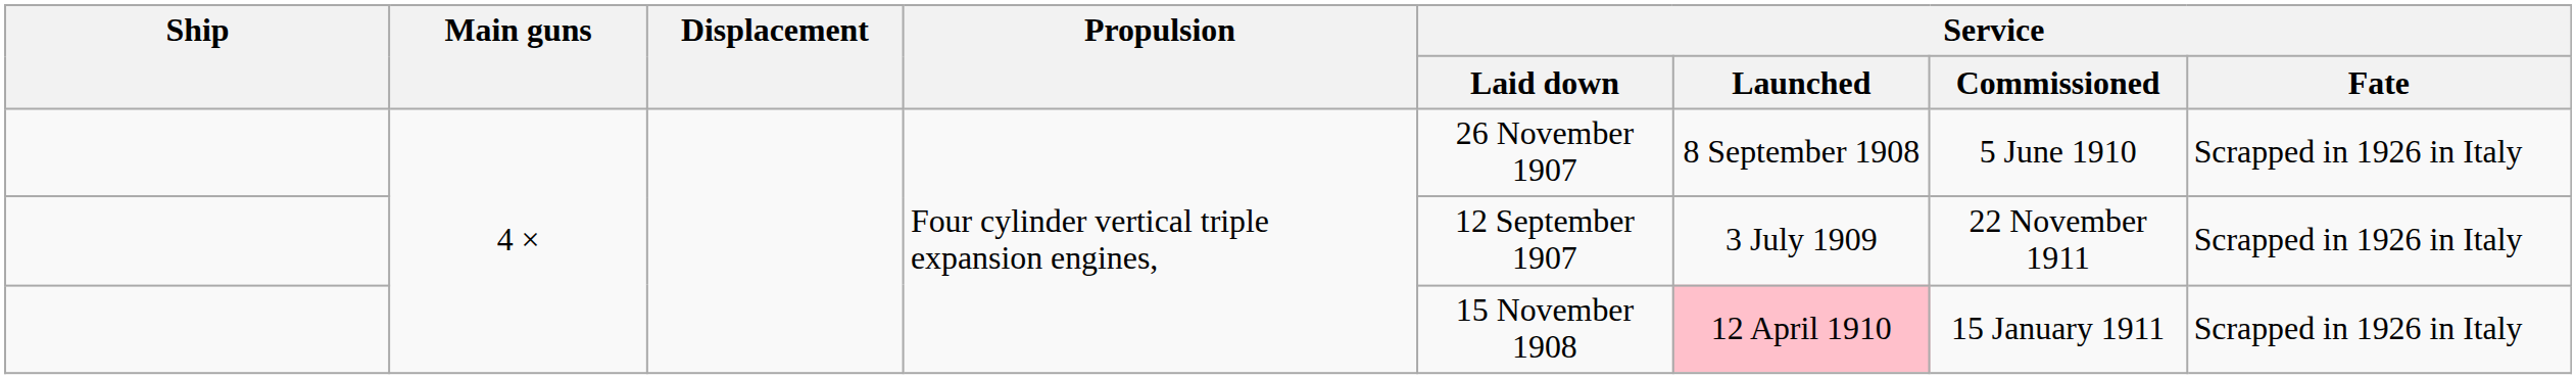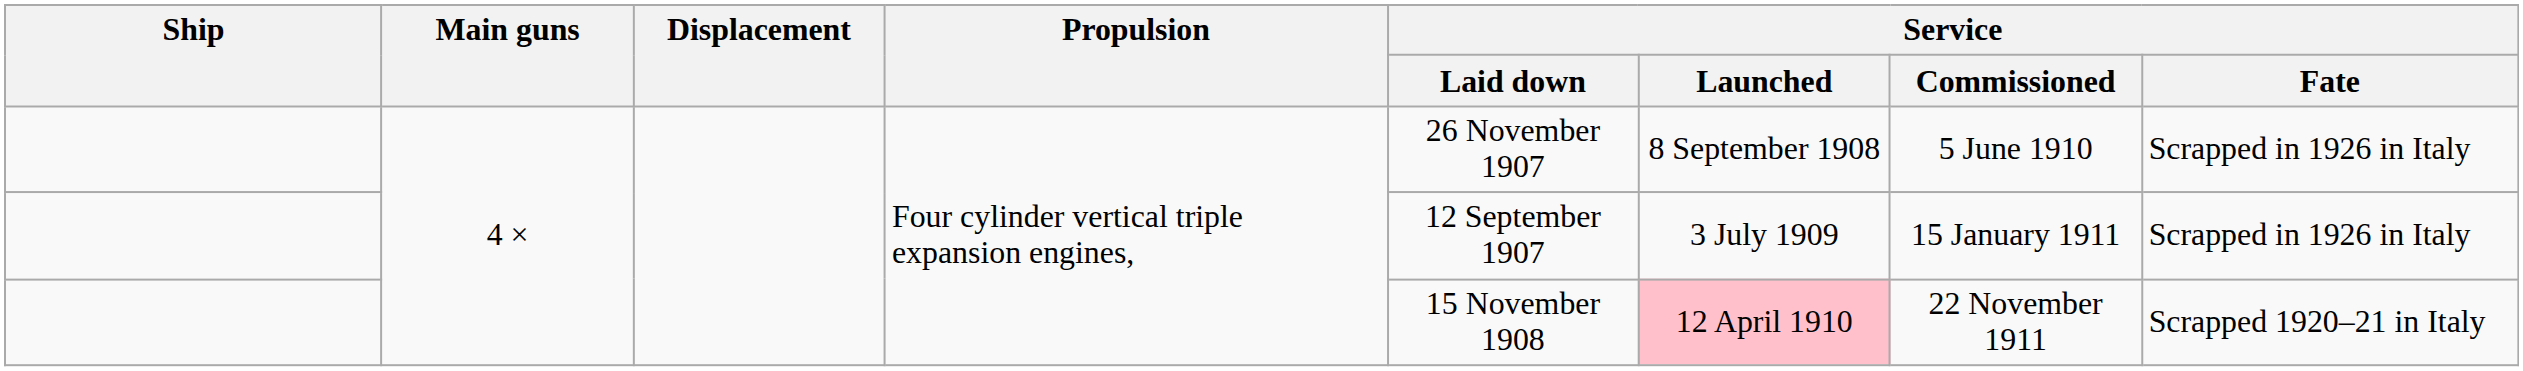 <table class="wikitable" style="width: 100%;">
 <tr valign="top">
 <th width="15%" align="center" rowspan="2">Ship</th>
 <th width="10%" align="center" rowspan="2">Main guns</th>
 <th width="10%" align="center" rowspan="2">Displacement</th>
 <th width="20%" align="center" rowspan="2">Propulsion</th>
 <th width="40%" align="center" colspan="4">Service</th>
 </tr>
 <tr valign="top">
 <th width="10%" align="center">Laid down</th>
 <th width="10%" align="center">Launched</th>
 <th width="10%" align="center">Commissioned</th>
 <th width="20%" align="center">Fate</th>
 </tr>
 <tr valign="center">
 <td align="left"></td>
 <td align="center" rowspan="3">4 × </td>
 <td align="center" rowspan="3"></td>
 <td align="left" rowspan="3">Four cylinder vertical triple expansion engines, </td>
 <td align="center">26 November 1907</td>
 <td align="center">8 September 1908</td>
 <td align="center">5 June 1910</td>
 <td align="left">Scrapped in 1926 in Italy</td>
 </tr>
 <tr valign="center">
 <td align="left"></td>
 <td align="center">12 September 1907</td>
 <td align="center">3 July 1909</td>
-<td align="center">22 November 1911</td>
+<td align="center">15 January 1911</td>
 <td align="left">Scrapped in 1926 in Italy</td>
 </tr>
 <tr valign="center">
 <td align="left"></td>
 <td align="center">15 November 1908</td>
 <td align="center" style="background: pink;">12 April 1910</td>
-<td align="center">15 January 1911</td>
-<td align="left">Scrapped in 1926 in Italy</td>
+<td align="center">22 November 1911</td>
+<td align="left">Scrapped 1920–21 in Italy</td>
 </tr>
 </table>
